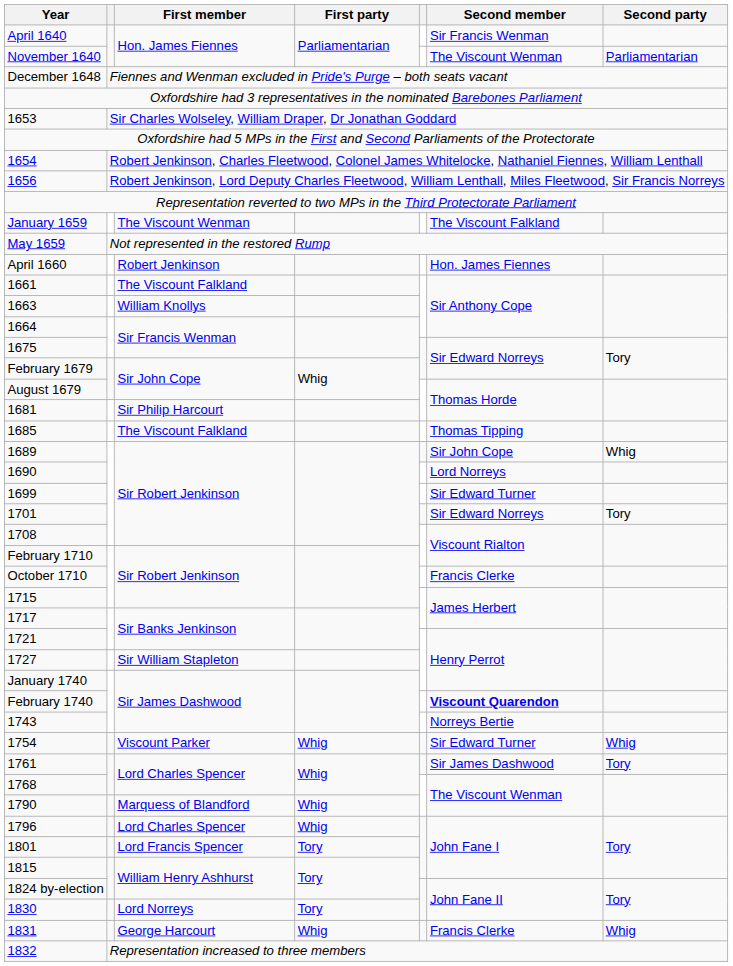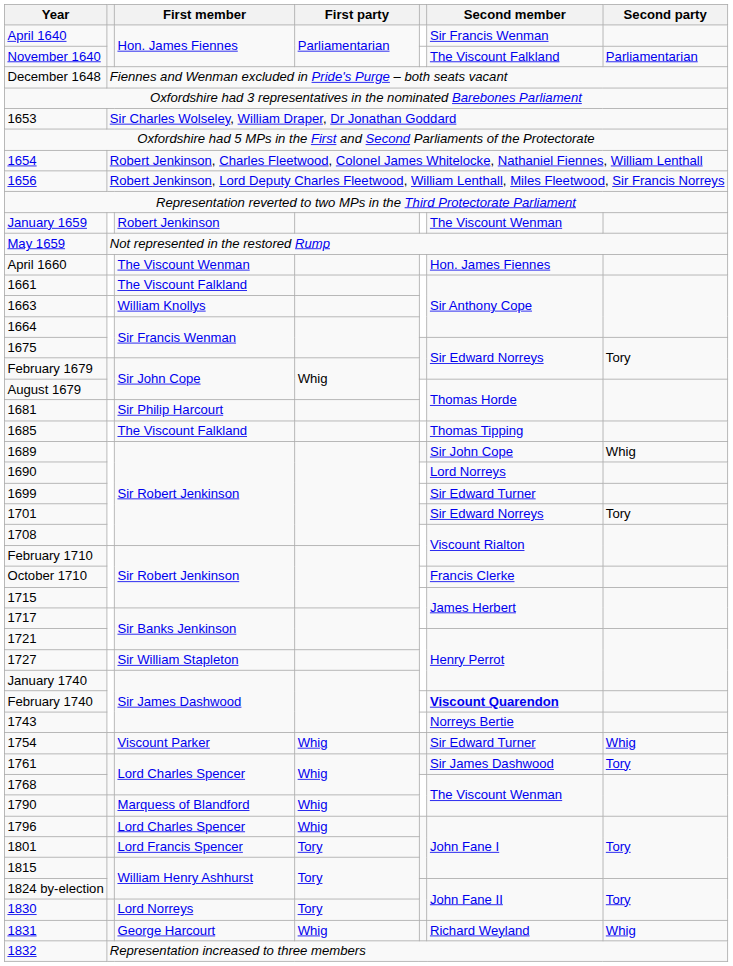 <table class="wikitable">
 <tr>
 <th>Year</th>
 <th></th>
 <th>First member</th>
 <th>First party</th>
 <th></th>
 <th>Second member</th>
 <th>Second party</th>
 </tr>
 <tr>
 <td><a href='#'>April 1640</a></td>
 <td rowspan="2" style="color:inherit;background-color: "></td>
 <td rowspan="2"><a href='#'>Hon. James Fiennes</a></td>
 <td rowspan="2"><a href='#'>Parliamentarian</a></td>
 <td style="color:inherit;background-color: white"></td>
 <td><a href='#'>Sir Francis Wenman</a></td>
 <td></td>
 </tr>
 <tr>
 <td><a href='#'>November 1640</a></td>
 <td style="color:inherit;background-color: white"></td>
-<td><a href='#'>The Viscount Wenman</a></td>
+<td><a href='#'>The Viscount Falkland</a></td>
 <td><a href='#'>Parliamentarian</a></td>
 </tr>
 <tr>
 <td>December 1648</td>
 <td colspan="6"><em>Fiennes and Wenman excluded in <a href='#'>Pride's Purge</a> – both seats vacant</em></td>
 </tr>
 <tr>
 <td align=center colspan="7"><em>Oxfordshire had 3 representatives in the nominated <a href='#'>Barebones Parliament</a></em></td>
 </tr>
 <tr>
 <td>1653</td>
 <td colspan="6"><a href='#'>Sir Charles Wolseley</a>, <a href='#'>William Draper</a>, <a href='#'>Dr Jonathan Goddard</a></td>
 </tr>
 <tr>
 <td align=center colspan="7"><em>Oxfordshire had 5 MPs in the <a href='#'>First</a> and <a href='#'>Second</a> Parliaments of the Protectorate</em></td>
 </tr>
 <tr>
 <td><a href='#'>1654</a></td>
 <td colspan="6"><a href='#'>Robert Jenkinson</a>, <a href='#'>Charles Fleetwood</a>, <a href='#'>Colonel James Whitelocke</a>, <a href='#'>Nathaniel Fiennes</a>, <a href='#'>William Lenthall</a></td>
 </tr>
 <tr>
 <td><a href='#'>1656</a></td>
 <td colspan="6"><a href='#'>Robert Jenkinson</a>, <a href='#'>Lord Deputy Charles Fleetwood</a>, <a href='#'>William Lenthall</a>, <a href='#'>Miles Fleetwood</a>, <a href='#'>Sir Francis Norreys</a></td>
 </tr>
 <tr>
 <td align=center colspan="7"><em>Representation reverted to two MPs in the <a href='#'>Third Protectorate Parliament</a></em></td>
 </tr>
 <tr>
 <td><a href='#'>January 1659</a></td>
 <td style="color:inherit;background-color: white"></td>
-<td><a href='#'>The Viscount Wenman</a></td>
+<td><a href='#'>Robert Jenkinson</a></td>
 <td></td>
 <td style="color:inherit;background-color: white"></td>
-<td><a href='#'>The Viscount Falkland</a></td>
+<td><a href='#'>The Viscount Wenman</a></td>
 <td></td>
 </tr>
 <tr>
 <td><a href='#'>May 1659</a></td>
 <td colspan="6"><em>Not represented in the restored <a href='#'>Rump</a></em></td>
 </tr>
 <tr>
 <td>April 1660</td>
 <td style="color:inherit;background-color: white"></td>
-<td><a href='#'>Robert Jenkinson</a></td>
+<td><a href='#'>The Viscount Wenman</a></td>
 <td></td>
 <td style="color:inherit;background-color: white"></td>
 <td><a href='#'>Hon. James Fiennes</a></td>
 <td></td>
 </tr>
 <tr>
 <td>1661</td>
 <td style="color:inherit;background-color: white"></td>
 <td><a href='#'>The Viscount Falkland</a></td>
 <td></td>
 <td rowspan="3" style="color:inherit;background-color: white"></td>
 <td rowspan="3"><a href='#'>Sir Anthony Cope</a></td>
 <td rowspan="3"></td>
 </tr>
 <tr>
 <td>1663</td>
 <td style="color:inherit;background-color: white"></td>
 <td><a href='#'>William Knollys</a></td>
 <td></td>
 </tr>
 <tr>
 <td>1664</td>
 <td rowspan="2" style="color:inherit;background-color: white"></td>
 <td rowspan="2"><a href='#'>Sir Francis Wenman</a></td>
 <td rowspan="2"></td>
 </tr>
 <tr>
 <td>1675</td>
 <td rowspan="2" style="color:inherit;background-color: "></td>
 <td rowspan="2"><a href='#'>Sir Edward Norreys</a></td>
 <td rowspan="2">Tory</td>
 </tr>
 <tr>
 <td>February 1679</td>
 <td rowspan="2" style="color:inherit;background-color: "></td>
 <td rowspan="2"><a href='#'>Sir John Cope</a></td>
 <td rowspan="2">Whig</td>
 </tr>
 <tr>
 <td>August 1679</td>
 <td rowspan="2" style="color:inherit;background-color: white"></td>
 <td rowspan="2"><a href='#'>Thomas Horde</a></td>
 <td rowspan="2"></td>
 </tr>
 <tr>
 <td>1681</td>
 <td style="color:inherit;background-color: white"></td>
 <td><a href='#'>Sir Philip Harcourt</a></td>
 <td></td>
 </tr>
 <tr>
 <td>1685</td>
 <td style="color:inherit;background-color: white"></td>
 <td><a href='#'>The Viscount Falkland</a></td>
 <td></td>
 <td style="color:inherit;background-color: white"></td>
 <td><a href='#'>Thomas Tipping</a></td>
 <td></td>
 </tr>
 <tr>
 <td>1689</td>
 <td rowspan="5" style="color:inherit;background-color: white"></td>
 <td rowspan="5"><a href='#'>Sir Robert Jenkinson</a></td>
 <td rowspan="5"></td>
 <td style="color:inherit;background-color: "></td>
 <td><a href='#'>Sir John Cope</a></td>
 <td>Whig</td>
 </tr>
 <tr>
 <td>1690</td>
 <td style="color:inherit;background-color: white"></td>
 <td><a href='#'>Lord Norreys</a></td>
 <td></td>
 </tr>
 <tr>
 <td>1699</td>
 <td style="color:inherit;background-color: white"></td>
 <td><a href='#'>Sir Edward Turner</a></td>
 <td></td>
 </tr>
 <tr>
 <td>1701</td>
 <td style="color:inherit;background-color: "></td>
 <td><a href='#'>Sir Edward Norreys</a></td>
 <td>Tory</td>
 </tr>
 <tr>
 <td>1708</td>
 <td rowspan="2" style="color:inherit;background-color: white"></td>
 <td rowspan="2"><a href='#'>Viscount Rialton</a></td>
 <td rowspan="2"></td>
 </tr>
 <tr>
 <td>February 1710</td>
 <td rowspan="3" style="color:inherit;background-color: white"></td>
 <td rowspan="3"><a href='#'>Sir Robert Jenkinson</a></td>
 <td rowspan="3"></td>
 </tr>
 <tr>
 <td>October 1710</td>
 <td style="color:inherit;background-color: white"></td>
 <td><a href='#'>Francis Clerke</a></td>
 <td></td>
 </tr>
 <tr>
 <td>1715</td>
 <td rowspan="2" style="color:inherit;background-color: white"></td>
 <td rowspan="2"><a href='#'>James Herbert</a></td>
 <td rowspan="2"></td>
 </tr>
 <tr>
 <td>1717</td>
 <td rowspan="2" style="color:inherit;background-color: white"></td>
 <td rowspan="2"><a href='#'>Sir Banks Jenkinson</a></td>
 <td rowspan="2"></td>
 </tr>
 <tr>
 <td>1721</td>
 <td rowspan="3" style="color:inherit;background-color: white"></td>
 <td rowspan="3"><a href='#'>Henry Perrot</a></td>
 <td rowspan="3"></td>
 </tr>
 <tr>
 <td>1727</td>
 <td style="color:inherit;background-color: white"></td>
 <td><a href='#'>Sir William Stapleton</a></td>
 <td></td>
 </tr>
 <tr>
 <td>January 1740</td>
 <td rowspan="3" style="color:inherit;background-color: white"></td>
 <td rowspan="3"><a href='#'>Sir James Dashwood</a></td>
 <td rowspan="3"></td>
 </tr>
 <tr>
 <td>February 1740</td>
 <td style="color:inherit;background-color: white"></td>
 <td><strong><a href='#'>Viscount Quarendon</a></strong></td>
 <td></td>
 </tr>
 <tr>
 <td>1743</td>
 <td style="color:inherit;background-color: white"></td>
 <td><a href='#'>Norreys Bertie</a></td>
 <td></td>
 </tr>
 <tr>
 <td>1754</td>
 <td style="color:inherit;background-color: "></td>
 <td><a href='#'>Viscount Parker</a></td>
 <td><a href='#'>Whig</a></td>
 <td style="color:inherit;background-color: "></td>
 <td><a href='#'>Sir Edward Turner</a></td>
 <td><a href='#'>Whig</a></td>
 </tr>
 <tr>
 <td>1761</td>
 <td rowspan="2" style="color:inherit;background-color: "></td>
 <td rowspan="2"><a href='#'>Lord Charles Spencer</a></td>
 <td rowspan="2"><a href='#'>Whig</a></td>
 <td style="color:inherit;background-color: "></td>
 <td><a href='#'>Sir James Dashwood</a></td>
 <td><a href='#'>Tory</a></td>
 </tr>
 <tr>
 <td>1768</td>
 <td rowspan="2"  style="color:inherit;background-color: white"></td>
 <td rowspan="2"><a href='#'>The Viscount Wenman</a></td>
 <td rowspan="2"></td>
 </tr>
 <tr>
 <td>1790</td>
 <td style="color:inherit;background-color: "></td>
 <td><a href='#'>Marquess of Blandford</a></td>
 <td><a href='#'>Whig</a></td>
 </tr>
 <tr>
 <td>1796</td>
 <td style="color:inherit;background-color: "></td>
 <td><a href='#'>Lord Charles Spencer</a></td>
 <td><a href='#'>Whig</a></td>
 <td rowspan="3" style="color:inherit;background-color: "></td>
 <td rowspan="3"><a href='#'>John Fane I</a></td>
 <td rowspan="3"><a href='#'>Tory</a></td>
 </tr>
 <tr>
 <td>1801</td>
 <td style="color:inherit;background-color: "></td>
 <td><a href='#'>Lord Francis Spencer</a></td>
 <td><a href='#'>Tory</a></td>
 </tr>
 <tr>
 <td>1815</td>
 <td rowspan="2" style="color:inherit;background-color: "></td>
 <td rowspan="2"><a href='#'>William Henry Ashhurst</a></td>
 <td rowspan="2"><a href='#'>Tory</a></td>
 </tr>
 <tr>
 <td>1824 by-election</td>
 <td rowspan="2" style="color:inherit;background-color: "></td>
 <td rowspan="2"><a href='#'>John Fane II</a></td>
 <td rowspan="2"><a href='#'>Tory</a></td>
 </tr>
 <tr>
 <td><a href='#'>1830</a></td>
 <td style="color:inherit;background-color: "></td>
 <td><a href='#'>Lord Norreys</a></td>
 <td><a href='#'>Tory</a></td>
 </tr>
 <tr>
 <td><a href='#'>1831</a></td>
 <td style="color:inherit;background-color: "></td>
 <td><a href='#'>George Harcourt</a></td>
 <td><a href='#'>Whig</a></td>
 <td style="color:inherit;background-color: "></td>
-<td><a href='#'>Francis Clerke</a></td>
+<td><a href='#'>Richard Weyland</a></td>
 <td><a href='#'>Whig</a></td>
 </tr>
 <tr>
 <td><a href='#'>1832</a></td>
 <td colspan="6"><em>Representation increased to three members</em></td>
 </tr>
 </table>
